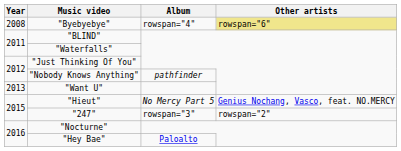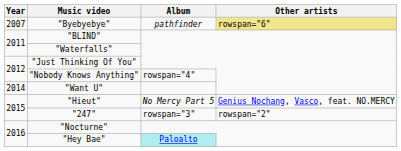 <table class="wikitable">
 <tr>
 <th>Year</th>
 <th>Music video</th>
 <th>Album</th>
 <th>Other artists</th>
 </tr>
 <tr>
-<td>2008</td>
+<td>2007</td>
 <td style="text-align:center;">"Byebyebye"</td>
-<td>rowspan="4" </td>
+<td style="text-align:center;"><em>pathfinder</em></td>
 <td style="background: khaki;">rowspan="6" </td>
 </tr>
 <tr>
 <td rowspan="2">2011</td>
 <td style="text-align:center;">"BLIND"</td>
 </tr>
 <tr>
 <td style="text-align:center;">"Waterfalls"</td>
 </tr>
 <tr>
 <td rowspan="2">2012</td>
 <td style="text-align:center;">"Just Thinking Of You"</td>
 </tr>
 <tr>
 <td style="text-align:center;">"Nobody Knows Anything"</td>
-<td style="text-align:center;"><em>pathfinder</em></td>
+<td>rowspan="4" </td>
 </tr>
 <tr>
-<td>2013</td>
+<td>2014</td>
 <td style="text-align:center;">"Want U"</td>
 <td></td>
 </tr>
 <tr>
 <td rowspan="2">2015</td>
 <td style="text-align:center;">"Hieut"</td>
 <td style="text-align:center;"><em>No Mercy Part 5</em></td>
 <td style="text-align:center;"><a href='#'>Genius Nochang</a>, <a href='#'>Vasco</a>, feat. NO.MERCY</td>
 </tr>
 <tr>
 <td style="text-align:center;">"247"</td>
 <td>rowspan="3" </td>
 <td>rowspan="2" </td>
 </tr>
 <tr>
 <td rowspan="2">2016</td>
 <td style="text-align:center;">"Nocturne"</td>
 </tr>
 <tr>
 <td style="text-align:center;">"Hey Bae"</td>
-<td style="text-align:center;"><a href='#'>Paloalto</a></td>
+<td style="background: paleturquoise; text-align:center;"><a href='#'>Paloalto</a></td>
 </tr>
 </table>
